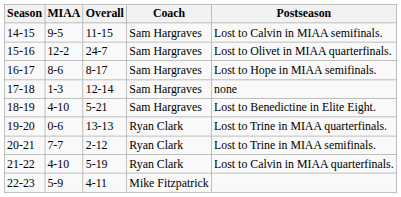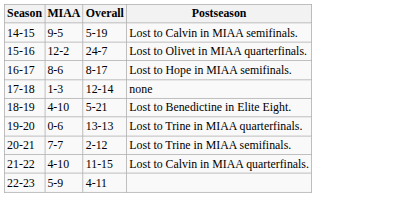 <table class="wikitable">
 <tr>
 <th>Season</th>
 <th>MIAA</th>
 <th>Overall</th>
-<th>Coach</th>
 <th>Postseason</th>
 </tr>
 <tr>
 <td>14-15</td>
 <td>9-5</td>
-<td>11-15</td>
-<td>Sam Hargraves</td>
+<td>5-19</td>
 <td>Lost to Calvin in MIAA semifinals.</td>
 </tr>
 <tr>
 <td>15-16</td>
 <td>12-2</td>
 <td>24-7</td>
-<td>Sam Hargraves</td>
 <td>Lost to Olivet in MIAA quarterfinals.</td>
 </tr>
 <tr>
 <td>16-17</td>
 <td>8-6</td>
 <td>8-17</td>
-<td>Sam Hargraves</td>
 <td>Lost to Hope in MIAA semifinals.</td>
 </tr>
 <tr>
 <td>17-18</td>
 <td>1-3</td>
 <td>12-14</td>
-<td>Sam Hargraves</td>
 <td>none</td>
 </tr>
 <tr>
 <td>18-19</td>
 <td>4-10</td>
 <td>5-21</td>
-<td>Sam Hargraves</td>
 <td>Lost to Benedictine in Elite Eight.</td>
 </tr>
 <tr>
 <td>19-20</td>
 <td>0-6</td>
 <td>13-13</td>
-<td>Ryan Clark</td>
 <td>Lost to Trine in MIAA quarterfinals.</td>
 </tr>
 <tr>
 <td>20-21</td>
 <td>7-7</td>
 <td>2-12</td>
-<td>Ryan Clark</td>
 <td>Lost to Trine in MIAA semifinals.</td>
 </tr>
 <tr>
 <td>21-22</td>
 <td>4-10</td>
-<td>5-19</td>
-<td>Ryan Clark</td>
+<td>11-15</td>
 <td>Lost to Calvin in MIAA quarterfinals.</td>
 </tr>
 <tr>
 <td>22-23</td>
 <td>5-9</td>
 <td>4-11</td>
-<td>Mike Fitzpatrick</td>
 <td></td>
 </tr>
 </table>
